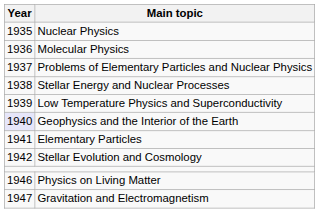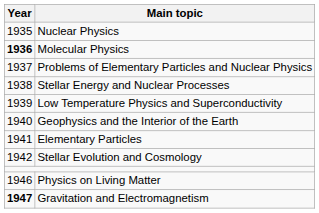 <table class="wikitable">
 <tr>
 <th>Year</th>
 <th>Main topic</th>
 </tr>
 <tr>
 <td>1935</td>
 <td>Nuclear Physics</td>
 </tr>
 <tr>
-<td>1936</td>
+<td><strong>1936</strong></td>
 <td>Molecular Physics</td>
 </tr>
 <tr>
 <td>1937</td>
 <td>Problems of Elementary Particles and Nuclear Physics</td>
 </tr>
 <tr>
 <td>1938</td>
 <td>Stellar Energy and Nuclear Processes</td>
 </tr>
 <tr>
 <td>1939</td>
 <td>Low Temperature Physics and Superconductivity</td>
 </tr>
 <tr>
-<td style="background: lavender;">1940</td>
+<td>1940</td>
 <td>Geophysics and the Interior of the Earth</td>
 </tr>
 <tr>
 <td>1941</td>
 <td>Elementary Particles</td>
 </tr>
 <tr>
 <td>1942</td>
 <td>Stellar Evolution and Cosmology</td>
 </tr>
 <tr>
 <td colspan="2"></td>
 </tr>
 <tr>
 <td>1946</td>
 <td>Physics on Living Matter</td>
 </tr>
 <tr>
-<td>1947</td>
+<td><strong>1947</strong></td>
 <td>Gravitation and Electromagnetism</td>
 </tr>
 </table>
